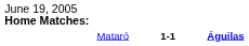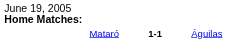 <table width=100% cellspacing=1>
 <tr>
 <th width=20%></th>
 <th width=12%></th>
 <th width=20%></th>
 <th></th>
 </tr>
 <tr>
 <td>June 19, 2005<br><strong>Home Matches:</strong></td>
 </tr>
 <tr style=font-size:90%>
 <td align=right><a href='#'>Mataró</a></td>
 <td align=center><strong>1-1</strong></td>
-<td><strong><a href='#'>Águilas</a></strong></td>
+<td><a href='#'>Águilas</a></td>
 </tr>
 </table>
